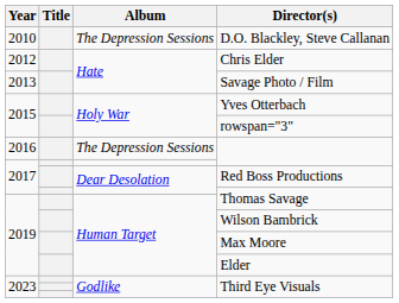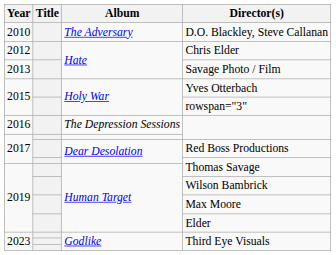 <table class="wikitable plainrowheaders">
 <tr>
 <th>Year</th>
 <th>Title</th>
 <th>Album</th>
 <th>Director(s)</th>
 </tr>
 <tr>
 <td>2010</td>
 <th scope="row"></th>
-<td><em>The Depression Sessions</em></td>
+<td><em><a href='#'>The Adversary</a></em></td>
 <td>D.O. Blackley, Steve Callanan</td>
 </tr>
 <tr>
 <td>2012</td>
 <th scope="row"></th>
 <td rowspan="2"><em><a href='#'>Hate</a></em></td>
 <td>Chris Elder</td>
 </tr>
 <tr>
 <td>2013</td>
 <th scope="row"></th>
 <td>Savage Photo / Film</td>
 </tr>
 <tr>
 <td rowspan="2">2015</td>
 <th scope="row"></th>
 <td rowspan="2"><em><a href='#'>Holy War</a></em></td>
 <td>Yves Otterbach</td>
 </tr>
 <tr>
 <th scope="row"></th>
 <td>rowspan="3" </td>
 </tr>
 <tr>
 <td>2016</td>
 <th scope="row"></th>
 <td><em>The Depression Sessions</em></td>
 </tr>
 <tr>
 <td rowspan="3">2017</td>
 <th scope="row"></th>
 <td></td>
 </tr>
 <tr>
 <th scope="row"></th>
 <td rowspan="2"><em><a href='#'>Dear Desolation</a></em></td>
 <td>Red Boss Productions</td>
 </tr>
 <tr>
 <th scope="row"></th>
 <td rowspan="2">Thomas Savage</td>
 </tr>
 <tr>
 <td rowspan="4">2019</td>
 <th scope="row"></th>
 <td rowspan="4"><em><a href='#'>Human Target</a></em></td>
 </tr>
 <tr>
 <th scope="row"></th>
 <td>Wilson Bambrick</td>
 </tr>
 <tr>
 <th scope="row"></th>
 <td>Max Moore</td>
 </tr>
 <tr>
 <th scope="row"></th>
 <td>Elder</td>
 </tr>
 <tr>
 <td rowspan="3">2023</td>
 <th scope="row"></th>
 <td rowspan="3"><em><a href='#'>Godlike</a></em></td>
 <td rowspan="3">Third Eye Visuals</td>
 </tr>
 <tr>
 <th scope="row"></th>
 </tr>
 <tr>
 <th scope="row"></th>
 </tr>
 </table>
